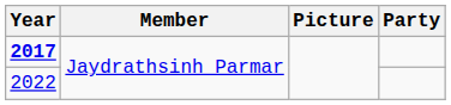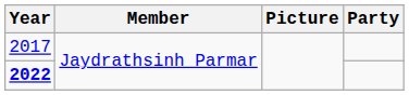 <table class="wikitable sortable">
 <tr>
 <th>Year</th>
 <th>Member</th>
 <th>Picture</th>
 <th colspan="2">Party</th>
 </tr>
 <tr>
-<td><strong><a href='#'>2017</a></strong></td>
+<td><a href='#'>2017</a></td>
 <td rowspan="2"><a href='#'>Jaydrathsinh Parmar</a></td>
 <td rowspan="2"></td>
 <td></td>
 </tr>
 <tr>
-<td><a href='#'>2022</a></td>
+<td><strong><a href='#'>2022</a></strong></td>
 </tr>
 </table>
